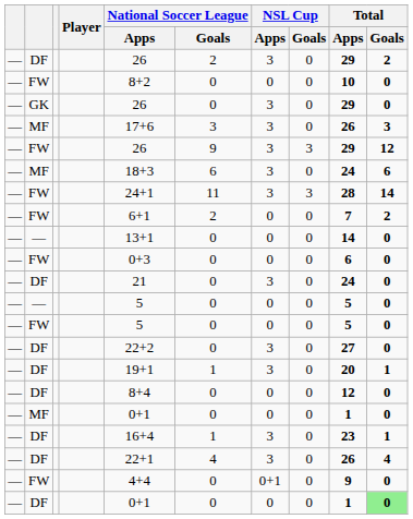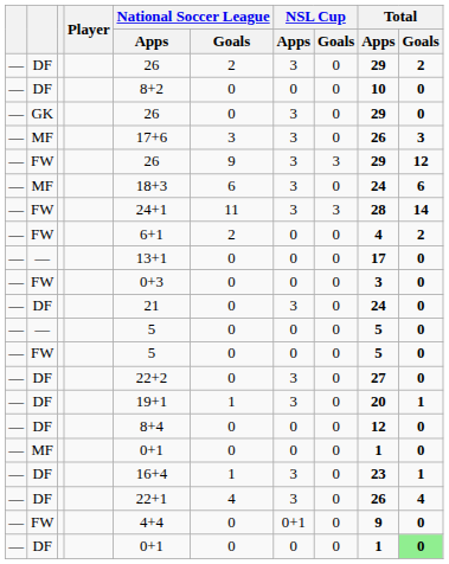 <table class="wikitable sortable" style="text-align:center">
 <tr>
 <th rowspan="2"></th>
 <th rowspan="2"></th>
 <th rowspan="2"></th>
 <th rowspan="2">Player</th>
 <th colspan="2"><a href='#'>National Soccer League</a></th>
 <th colspan="2"><a href='#'>NSL Cup</a></th>
 <th colspan="2">Total</th>
 </tr>
 <tr>
 <th>Apps</th>
 <th>Goals</th>
 <th>Apps</th>
 <th>Goals</th>
 <th>Apps</th>
 <th>Goals</th>
 </tr>
 <tr>
 <td>—</td>
 <td>DF</td>
 <td></td>
 <td align="left"></td>
 <td>26</td>
 <td>2</td>
 <td>3</td>
 <td>0</td>
 <td><strong>29</strong></td>
 <td><strong>2</strong></td>
 </tr>
 <tr>
 <td>—</td>
-<td>FW</td>
+<td>DF</td>
 <td></td>
 <td align="left"></td>
 <td>8+2</td>
 <td>0</td>
 <td>0</td>
 <td>0</td>
 <td><strong>10</strong></td>
 <td><strong>0</strong></td>
 </tr>
 <tr>
 <td>—</td>
 <td>GK</td>
 <td></td>
 <td align="left"></td>
 <td>26</td>
 <td>0</td>
 <td>3</td>
 <td>0</td>
 <td><strong>29</strong></td>
 <td><strong>0</strong></td>
 </tr>
 <tr>
 <td>—</td>
 <td>MF</td>
 <td></td>
 <td align="left"></td>
 <td>17+6</td>
 <td>3</td>
 <td>3</td>
 <td>0</td>
 <td><strong>26</strong></td>
 <td><strong>3</strong></td>
 </tr>
 <tr>
 <td>—</td>
 <td>FW</td>
 <td></td>
 <td align="left"></td>
 <td>26</td>
 <td>9</td>
 <td>3</td>
 <td>3</td>
 <td><strong>29</strong></td>
 <td><strong>12</strong></td>
 </tr>
 <tr>
 <td>—</td>
 <td>MF</td>
 <td></td>
 <td align="left"></td>
 <td>18+3</td>
 <td>6</td>
 <td>3</td>
 <td>0</td>
 <td><strong>24</strong></td>
 <td><strong>6</strong></td>
 </tr>
 <tr>
 <td>—</td>
 <td>FW</td>
 <td></td>
 <td align="left"></td>
 <td>24+1</td>
 <td>11</td>
 <td>3</td>
 <td>3</td>
 <td><strong>28</strong></td>
 <td><strong>14</strong></td>
 </tr>
 <tr>
 <td>—</td>
 <td>FW</td>
 <td></td>
 <td align="left"></td>
 <td>6+1</td>
 <td>2</td>
 <td>0</td>
 <td>0</td>
-<td><strong>7</strong></td>
+<td><strong>4</strong></td>
 <td><strong>2</strong></td>
 </tr>
 <tr>
 <td>—</td>
 <td>—</td>
 <td></td>
 <td align="left"></td>
 <td>13+1</td>
 <td>0</td>
 <td>0</td>
 <td>0</td>
-<td><strong>14</strong></td>
+<td><strong>17</strong></td>
 <td><strong>0</strong></td>
 </tr>
 <tr>
 <td>—</td>
 <td>FW</td>
 <td></td>
 <td align="left"></td>
 <td>0+3</td>
 <td>0</td>
 <td>0</td>
 <td>0</td>
-<td><strong>6</strong></td>
+<td><strong>3</strong></td>
 <td><strong>0</strong></td>
 </tr>
 <tr>
 <td>—</td>
 <td>DF</td>
 <td></td>
 <td align="left"></td>
 <td>21</td>
 <td>0</td>
 <td>3</td>
 <td>0</td>
 <td><strong>24</strong></td>
 <td><strong>0</strong></td>
 </tr>
 <tr>
 <td>—</td>
 <td>—</td>
 <td></td>
 <td align="left"></td>
 <td>5</td>
 <td>0</td>
 <td>0</td>
 <td>0</td>
 <td><strong>5</strong></td>
 <td><strong>0</strong></td>
 </tr>
 <tr>
 <td>—</td>
 <td>FW</td>
 <td></td>
 <td align="left"></td>
 <td>5</td>
 <td>0</td>
 <td>0</td>
 <td>0</td>
 <td><strong>5</strong></td>
 <td><strong>0</strong></td>
 </tr>
 <tr>
 <td>—</td>
 <td>DF</td>
 <td></td>
 <td align="left"></td>
 <td>22+2</td>
 <td>0</td>
 <td>3</td>
 <td>0</td>
 <td><strong>27</strong></td>
 <td><strong>0</strong></td>
 </tr>
 <tr>
 <td>—</td>
 <td>DF</td>
 <td></td>
 <td align="left"></td>
 <td>19+1</td>
 <td>1</td>
 <td>3</td>
 <td>0</td>
 <td><strong>20</strong></td>
 <td><strong>1</strong></td>
 </tr>
 <tr>
 <td>—</td>
 <td>DF</td>
 <td></td>
 <td align="left"></td>
 <td>8+4</td>
 <td>0</td>
 <td>0</td>
 <td>0</td>
 <td><strong>12</strong></td>
 <td><strong>0</strong></td>
 </tr>
 <tr>
 <td>—</td>
 <td>MF</td>
 <td></td>
 <td align="left"></td>
 <td>0+1</td>
 <td>0</td>
 <td>0</td>
 <td>0</td>
 <td><strong>1</strong></td>
 <td><strong>0</strong></td>
 </tr>
 <tr>
 <td>—</td>
 <td>DF</td>
 <td></td>
 <td align="left"></td>
 <td>16+4</td>
 <td>1</td>
 <td>3</td>
 <td>0</td>
 <td><strong>23</strong></td>
 <td><strong>1</strong></td>
 </tr>
 <tr>
 <td>—</td>
 <td>DF</td>
 <td></td>
 <td align="left"></td>
 <td>22+1</td>
 <td>4</td>
 <td>3</td>
 <td>0</td>
 <td><strong>26</strong></td>
 <td><strong>4</strong></td>
 </tr>
 <tr>
 <td>—</td>
 <td>FW</td>
 <td></td>
 <td align="left"></td>
 <td>4+4</td>
 <td>0</td>
 <td>0+1</td>
 <td>0</td>
 <td><strong>9</strong></td>
 <td><strong>0</strong></td>
 </tr>
 <tr>
 <td>—</td>
 <td>DF</td>
 <td></td>
 <td align="left"></td>
 <td>0+1</td>
 <td>0</td>
 <td>0</td>
 <td>0</td>
 <td><strong>1</strong></td>
 <td style="background: lightgreen;"><strong>0</strong></td>
 </tr>
 </table>
